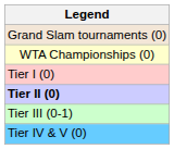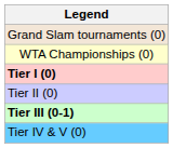 <table class="wikitable sortable mw-collapsible mw-collapsed">
 <tr>
 <th>Legend</th>
 </tr>
 <tr>
 <td align=center colspan=2 bgcolor=#f3e6d7>Grand Slam tournaments (0)</td>
 </tr>
 <tr>
 <td align=center colspan=2 bgcolor=#ffffcc>WTA Championships (0)</td>
 </tr>
 <tr>
-<td bgcolor=#ffcccc>Tier I (0)</td>
+<td bgcolor=#ffcccc><strong>Tier I (0)</strong></td>
 </tr>
 <tr>
-<td bgcolor=#ccccff><strong>Tier II (0)</strong></td>
+<td bgcolor=#ccccff>Tier II (0)</td>
 </tr>
 <tr>
-<td bgcolor=#CCFFCC>Tier III (0-1)</td>
+<td bgcolor=#CCFFCC><strong>Tier III (0-1)</strong></td>
 </tr>
 <tr>
 <td bgcolor=#66CCFF>Tier IV & V (0)</td>
 </tr>
 </table>
